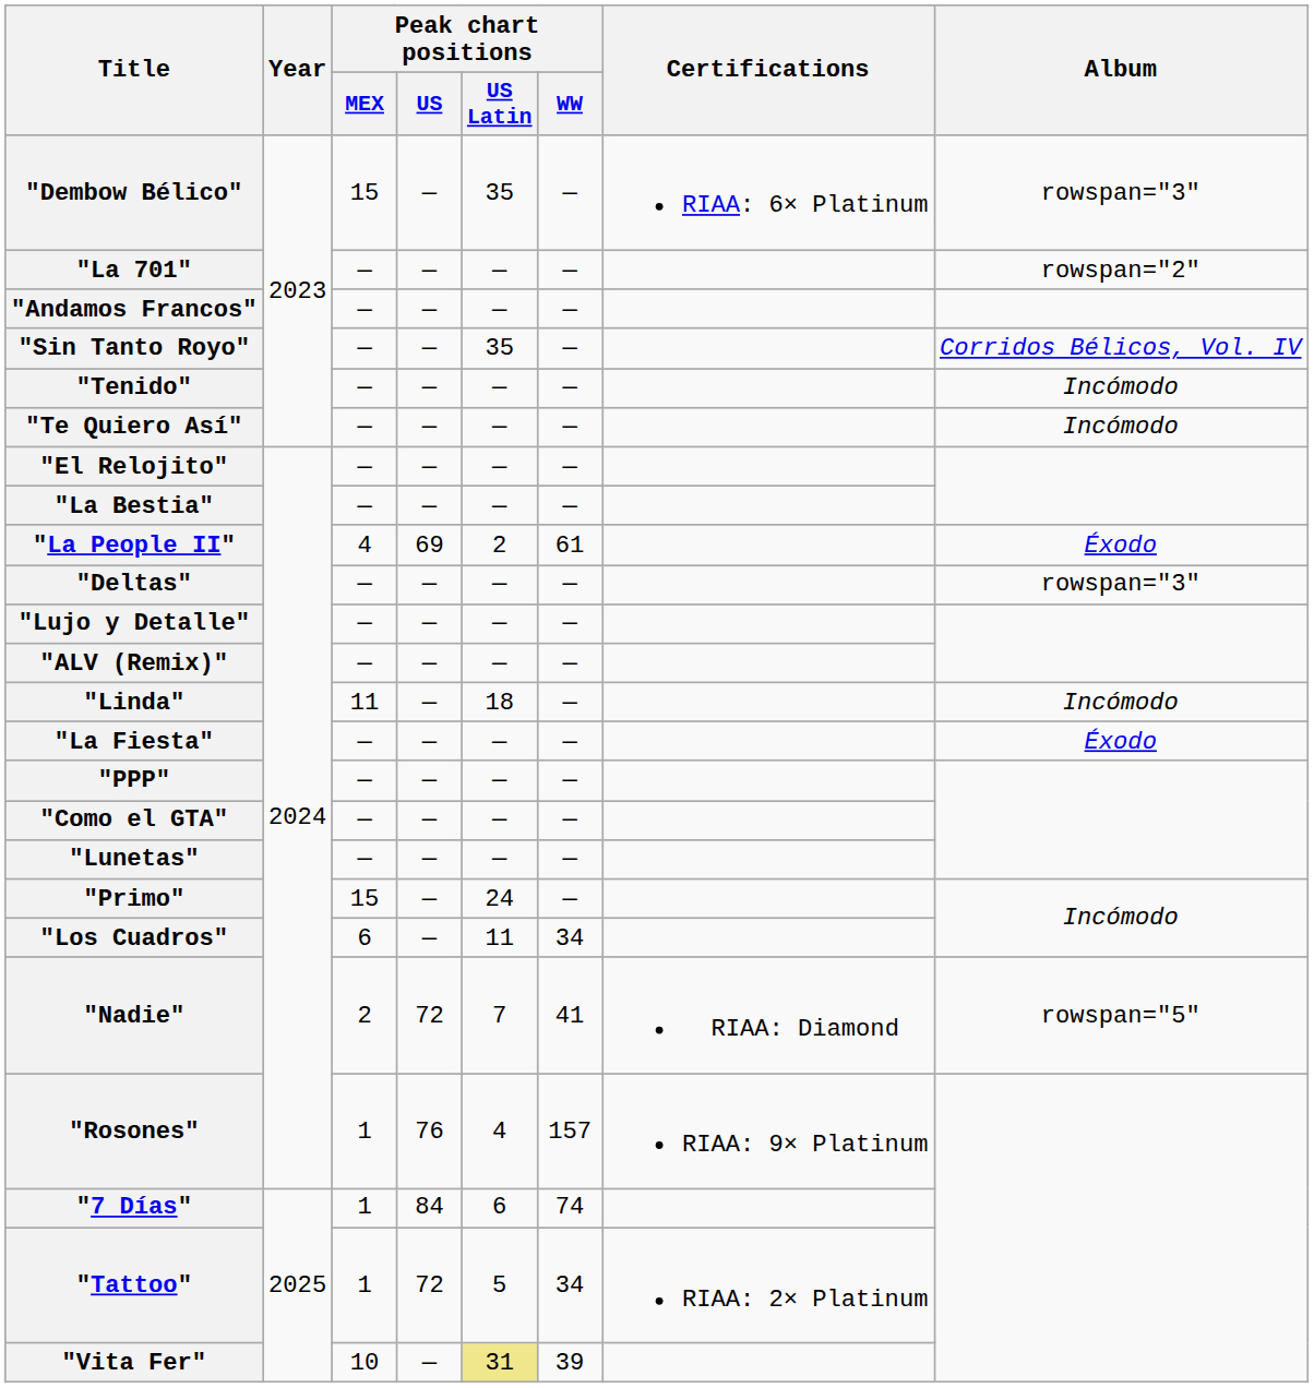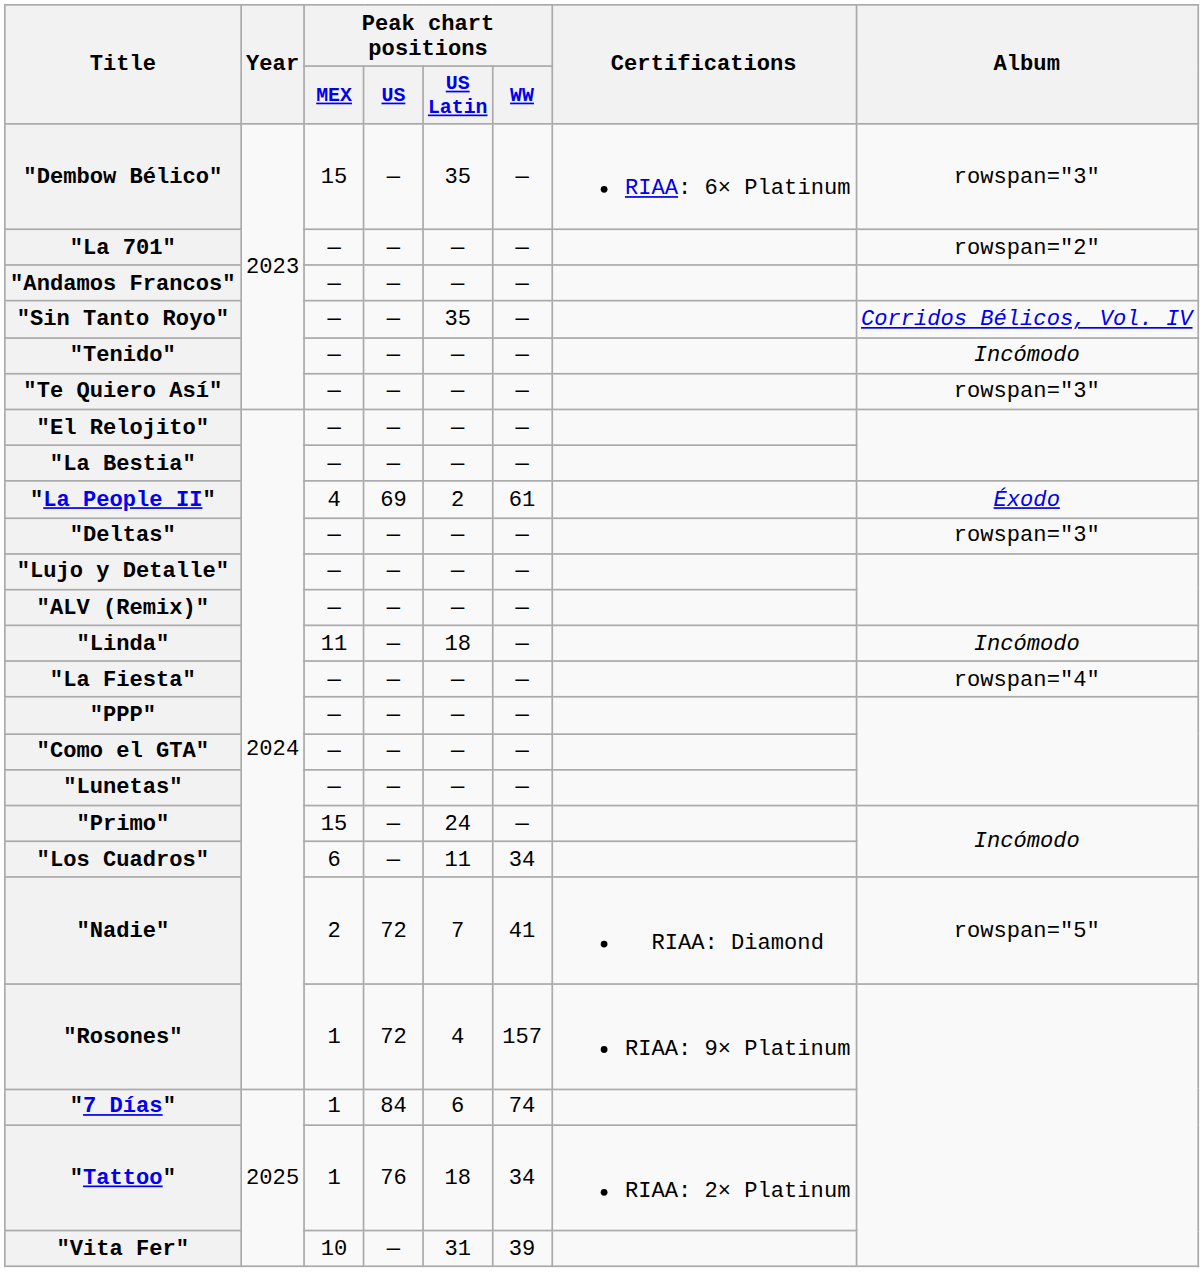 <table class="wikitable plainrowheaders" style="text-align:center;">
 <tr>
 <th scope="col" rowspan="2">Title</th>
 <th scope="col" rowspan="2">Year</th>
 <th scope="col" colspan="4">Peak chart positions</th>
 <th scope="col" rowspan="2">Certifications</th>
 <th scope="col" rowspan="2">Album</th>
 </tr>
 <tr>
 <th scope="col" style="width:2.5em;font-size:90%;"><a href='#'>MEX</a><br></th>
 <th scope="col" style="width:2.5em;font-size:90%;"><a href='#'>US</a><br></th>
 <th scope="col" style="width:2.5em; font-size:90%;"><a href='#'>US<br>Latin</a><br></th>
 <th scope="col" style="width:2.5em;font-size:90%;"><a href='#'>WW</a><br></th>
 </tr>
 <tr>
 <th scope="row">"Dembow Bélico"<br></th>
 <td rowspan="6">2023</td>
 <td>15</td>
 <td>—</td>
 <td>35</td>
 <td>—</td>
 <td><br><ul><li><a href='#'>RIAA</a>: 6× Platinum </li></ul></td>
 <td>rowspan="3" </td>
 </tr>
 <tr>
 <th scope="row">"La 701"<br></th>
 <td>—</td>
 <td>—</td>
 <td>—</td>
 <td>—</td>
 <td></td>
 <td>rowspan="2" </td>
 </tr>
 <tr>
 <th scope="row">"Andamos Francos"<br></th>
 <td>—</td>
 <td>—</td>
 <td>—</td>
 <td>—</td>
 <td></td>
 </tr>
 <tr>
 <th scope="row">"Sin Tanto Royo"<br></th>
 <td>—</td>
 <td>—</td>
 <td>35</td>
 <td>—</td>
 <td></td>
 <td><em><a href='#'>Corridos Bélicos, Vol. IV</a></em></td>
 </tr>
 <tr>
 <th scope="row">"Tenido"<br></th>
 <td>—</td>
 <td>—</td>
 <td>—</td>
 <td>—</td>
 <td></td>
 <td><em>Incómodo</em></td>
 </tr>
 <tr>
 <th scope="row">"Te Quiero Así"<br></th>
 <td>—</td>
 <td>—</td>
 <td>—</td>
 <td>—</td>
 <td></td>
-<td><em>Incómodo</em></td>
+<td>rowspan="3" </td>
 </tr>
 <tr>
 <th scope="row">"El Relojito"<br></th>
 <td rowspan="15">2024</td>
 <td>—</td>
 <td>—</td>
 <td>—</td>
 <td>—</td>
 <td></td>
 </tr>
 <tr>
 <th scope="row">"La Bestia"<br></th>
 <td>—</td>
 <td>—</td>
 <td>—</td>
 <td>—</td>
 <td></td>
 </tr>
 <tr>
 <th scope="row">"<a href='#'>La People II</a>"<br></th>
 <td>4</td>
 <td>69</td>
 <td>2</td>
 <td>61</td>
 <td></td>
 <td><em><a href='#'>Éxodo</a></em></td>
 </tr>
 <tr>
 <th scope="row">"Deltas"</th>
 <td>—</td>
 <td>—</td>
 <td>—</td>
 <td>—</td>
 <td></td>
 <td>rowspan="3" </td>
 </tr>
 <tr>
 <th scope="row">"Lujo y Detalle"<br></th>
 <td>—</td>
 <td>—</td>
 <td>—</td>
 <td>—</td>
 <td></td>
 </tr>
 <tr>
 <th scope="row">"ALV (Remix)"<br></th>
 <td>—</td>
 <td>—</td>
 <td>—</td>
 <td>—</td>
 <td></td>
 </tr>
 <tr>
 <th scope="row">"Linda"<br></th>
 <td>11</td>
 <td>—</td>
 <td>18</td>
 <td>—</td>
 <td></td>
 <td><em>Incómodo</em></td>
 </tr>
 <tr>
 <th scope="row">"La Fiesta"<br></th>
 <td>—</td>
 <td>—</td>
 <td>—</td>
 <td>—</td>
 <td></td>
-<td><em><a href='#'>Éxodo</a></em></td>
+<td>rowspan="4" </td>
 </tr>
 <tr>
 <th scope="row">"PPP"<br></th>
 <td>—</td>
 <td>—</td>
 <td>—</td>
 <td>—</td>
 <td></td>
 </tr>
 <tr>
 <th scope="row">"Como el GTA"<br></th>
 <td>—</td>
 <td>—</td>
 <td>—</td>
 <td>—</td>
 <td></td>
 </tr>
 <tr>
 <th scope="row">"Lunetas"<br></th>
 <td>—</td>
 <td>—</td>
 <td>—</td>
 <td>—</td>
 <td></td>
 </tr>
 <tr>
 <th scope="row">"Primo"<br></th>
 <td>15</td>
 <td>—</td>
 <td>24</td>
 <td>—</td>
 <td></td>
 <td rowspan="2"><em>Incómodo</em></td>
 </tr>
 <tr>
 <th scope="row">"Los Cuadros"<br></th>
 <td>6</td>
 <td>—</td>
 <td>11</td>
 <td>34</td>
 <td></td>
 </tr>
 <tr>
 <th scope="row">"Nadie"</th>
 <td>2</td>
 <td>72</td>
 <td>7</td>
 <td>41</td>
 <td><br><ul><li>RIAA: Diamond </li></ul></td>
 <td>rowspan="5" </td>
 </tr>
 <tr>
 <th scope="row">"Rosones"</th>
 <td>1</td>
-<td>76</td>
+<td>72</td>
 <td>4</td>
 <td>157</td>
 <td><br><ul><li>RIAA: 9× Platinum </li></ul></td>
 </tr>
 <tr>
 <th scope="row">"<a href='#'>7 Días</a>"<br></th>
 <td rowspan="3">2025</td>
 <td>1</td>
 <td>84</td>
 <td>6</td>
 <td>74</td>
 <td></td>
 </tr>
 <tr>
 <th scope="row">"<a href='#'>Tattoo</a>"</th>
 <td>1</td>
-<td>72</td>
-<td>5</td>
+<td>76</td>
+<td>18</td>
 <td>34</td>
 <td><br><ul><li>RIAA: 2× Platinum </li></ul></td>
 </tr>
 <tr>
 <th scope="row">"Vita Fer"<br></th>
 <td>10</td>
 <td>—</td>
-<td style="background: khaki;">31</td>
+<td>31</td>
 <td>39</td>
 <td></td>
 </tr>
 </table>
